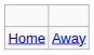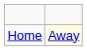 <table class=wikitable style="text-align: center;">
 <tr>
 <td></td>
 <td><br></td>
 </tr>
 <tr>
 <td><a href='#'>Home</a></td>
-<td><a href='#'>Away</a><br> </td>
+<td style="background: lightyellow;"><a href='#'>Away</a><br> </td>
 </tr>
 </table>
